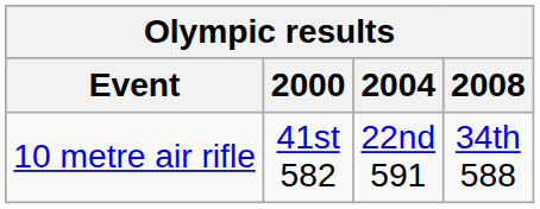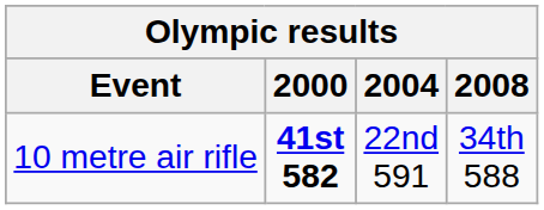 <table class="wikitable" style="text-align: center">
 <tr>
 <th colspan=4>Olympic results</th>
 </tr>
 <tr>
 <th>Event</th>
 <th>2000</th>
 <th>2004</th>
 <th>2008</th>
 </tr>
 <tr>
 <td align=left><a href='#'>10 metre air rifle</a></td>
-<td><a href='#'>41st</a><br>582</td>
+<td><strong><a href='#'>41st</a><br>582</strong></td>
 <td><a href='#'>22nd</a><br>591</td>
 <td><a href='#'>34th</a><br>588</td>
 </tr>
 </table>
